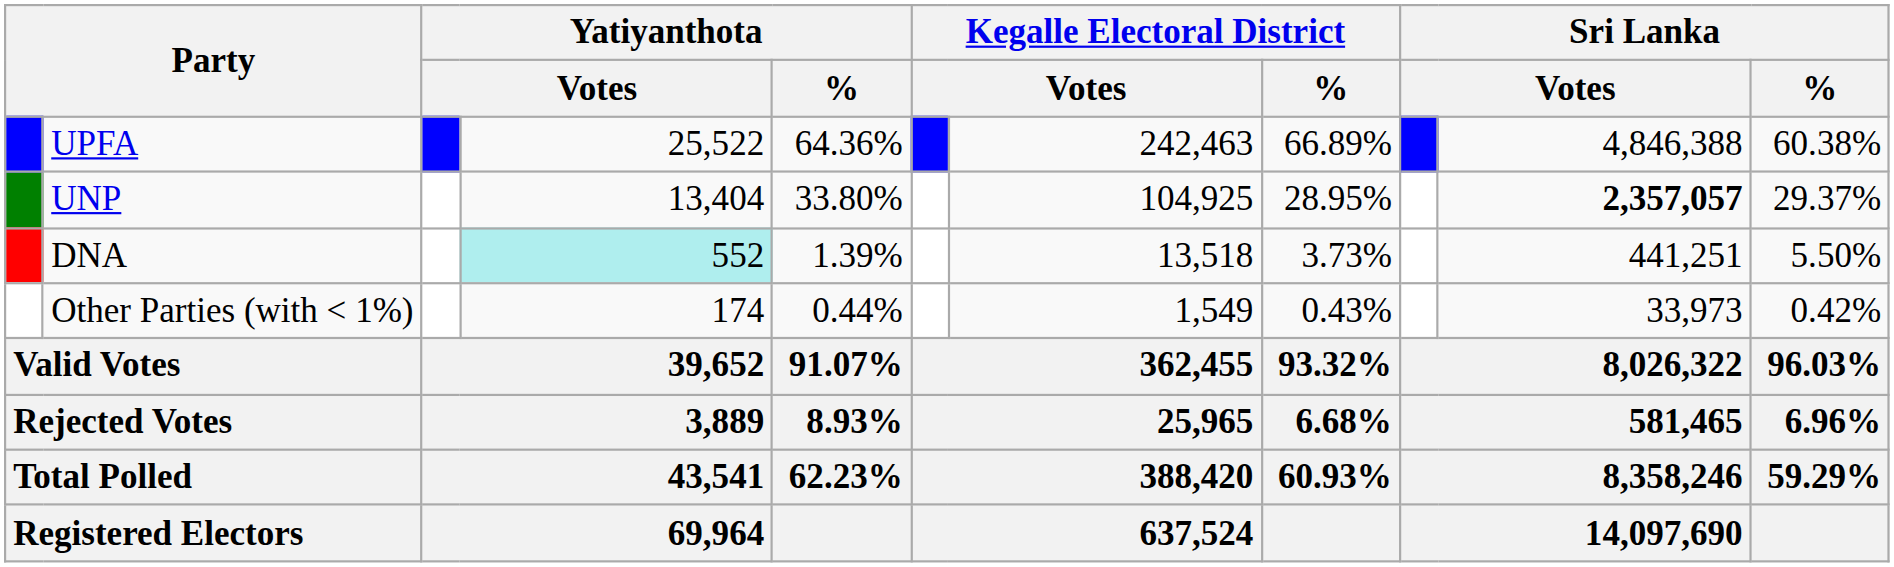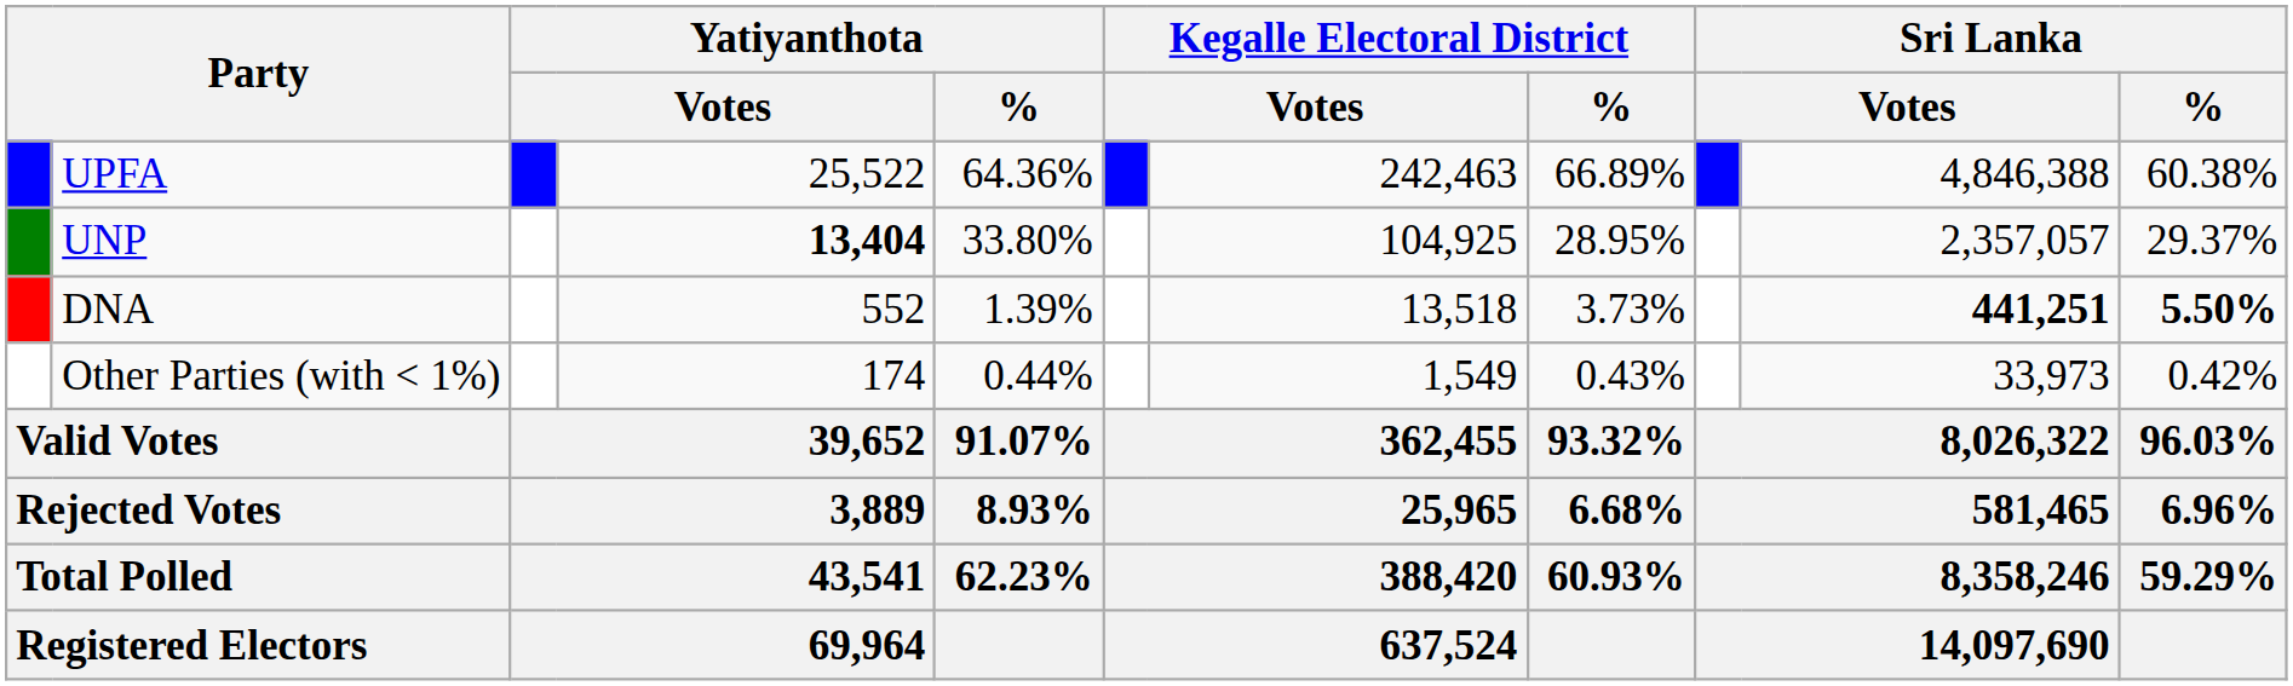 <table class="wikitable">
 <tr>
 <th colspan="2" width="144px"rowspan="2">Party</th>
 <th colspan="3" width="216px">Yatiyanthota</th>
 <th colspan="3" width="216px"><a href='#'>Kegalle Electoral District</a></th>
 <th colspan="3" width="216px">Sri Lanka</th>
 </tr>
 <tr>
 <th colspan="2" width="144px">Votes</th>
 <th>%</th>
 <th colspan="2" width="144px">Votes</th>
 <th>%</th>
 <th colspan="2" width="144px">Votes</th>
 <th>%</th>
 </tr>
 <tr>
 <td style="background-color:blue;" width="10px"></td>
 <td style="text-align:left;"><a href='#'>UPFA</a></td>
 <td style="background-color:blue;" width="10px"></td>
 <td style="text-align:right;">25,522</td>
 <td style="text-align:right;">64.36%</td>
 <td style="background-color:blue;" width="10px"></td>
 <td style="text-align:right;">242,463</td>
 <td style="text-align:right;">66.89%</td>
 <td style="background-color:blue;" width="10px"></td>
 <td style="text-align:right;">4,846,388</td>
 <td style="text-align:right;">60.38%</td>
 </tr>
 <tr>
 <td style="background-color:green;" width="10px"></td>
 <td style="text-align:left;"><a href='#'>UNP</a></td>
 <td style="background-color:white;" width="10px"></td>
-<td style="text-align:right;">13,404</td>
+<td style="text-align:right;"><strong>13,404</strong></td>
 <td style="text-align:right;">33.80%</td>
 <td style="background-color:white;" width="10px"></td>
 <td style="text-align:right;">104,925</td>
 <td style="text-align:right;">28.95%</td>
 <td style="background-color:white;" width="10px"></td>
-<td style="text-align:right;"><strong>2,357,057</strong></td>
+<td style="text-align:right;">2,357,057</td>
 <td style="text-align:right;">29.37%</td>
 </tr>
 <tr>
 <td style="background-color:red;" width="10px"></td>
 <td style="text-align:left;">DNA</td>
 <td style="background-color:white;" width="10px"></td>
-<td style="background: paleturquoise; text-align:right;">552</td>
+<td style="text-align:right;">552</td>
 <td style="text-align:right;">1.39%</td>
 <td style="background-color:white;" width="10px"></td>
 <td style="text-align:right;">13,518</td>
 <td style="text-align:right;">3.73%</td>
 <td style="background-color:white;" width="10px"></td>
-<td style="text-align:right;">441,251</td>
-<td style="text-align:right;">5.50%</td>
+<td style="text-align:right;"><strong>441,251</strong></td>
+<td style="text-align:right;"><strong>5.50%</strong></td>
 </tr>
 <tr>
 <td style="background-color:white;" width="10px"></td>
 <td style="text-align:left;">Other Parties (with < 1%)</td>
 <td style="background-color:white;" width="10px"></td>
 <td style="text-align:right;">174</td>
 <td style="text-align:right;">0.44%</td>
 <td style="background-color:white;" width="10px"></td>
 <td style="text-align:right;">1,549</td>
 <td style="text-align:right;">0.43%</td>
 <td style="background-color:white;" width="10px"></td>
 <td style="text-align:right;">33,973</td>
 <td style="text-align:right;">0.42%</td>
 </tr>
 <tr>
 <th colspan="2" width="144px"style="text-align:left;">Valid Votes</th>
 <th style="text-align:right;"colspan="2" width="144px">39,652</th>
 <th style="text-align:right;">91.07%</th>
 <th style="text-align:right;"colspan="2" width="144px">362,455</th>
 <th style="text-align:right;">93.32%</th>
 <th style="text-align:right;"colspan="2" width="144px">8,026,322</th>
 <th style="text-align:right;">96.03%</th>
 </tr>
 <tr>
 <th colspan="2" width="144px"style="text-align:left;">Rejected Votes</th>
 <th style="text-align:right;"colspan="2" width="144px">3,889</th>
 <th style="text-align:right;">8.93%</th>
 <th style="text-align:right;"colspan="2" width="144px">25,965</th>
 <th style="text-align:right;">6.68%</th>
 <th style="text-align:right;"colspan="2" width="144px">581,465</th>
 <th style="text-align:right;">6.96%</th>
 </tr>
 <tr>
 <th colspan="2" width="144px"style="text-align:left;">Total Polled</th>
 <th style="text-align:right;"colspan="2" width="144px">43,541</th>
 <th style="text-align:right;">62.23%</th>
 <th style="text-align:right;"colspan="2" width="144px">388,420</th>
 <th style="text-align:right;">60.93%</th>
 <th style="text-align:right;"colspan="2" width="144px">8,358,246</th>
 <th style="text-align:right;">59.29%</th>
 </tr>
 <tr>
 <th colspan="2" width="144px"style="text-align:left;">Registered Electors</th>
 <th style="text-align:right;"colspan="2" width="144px">69,964</th>
 <th></th>
 <th style="text-align:right;"colspan="2" width="144px">637,524</th>
 <th></th>
 <th style="text-align:right;"colspan="2" width="144px">14,097,690</th>
 <th></th>
 </tr>
 </table>
